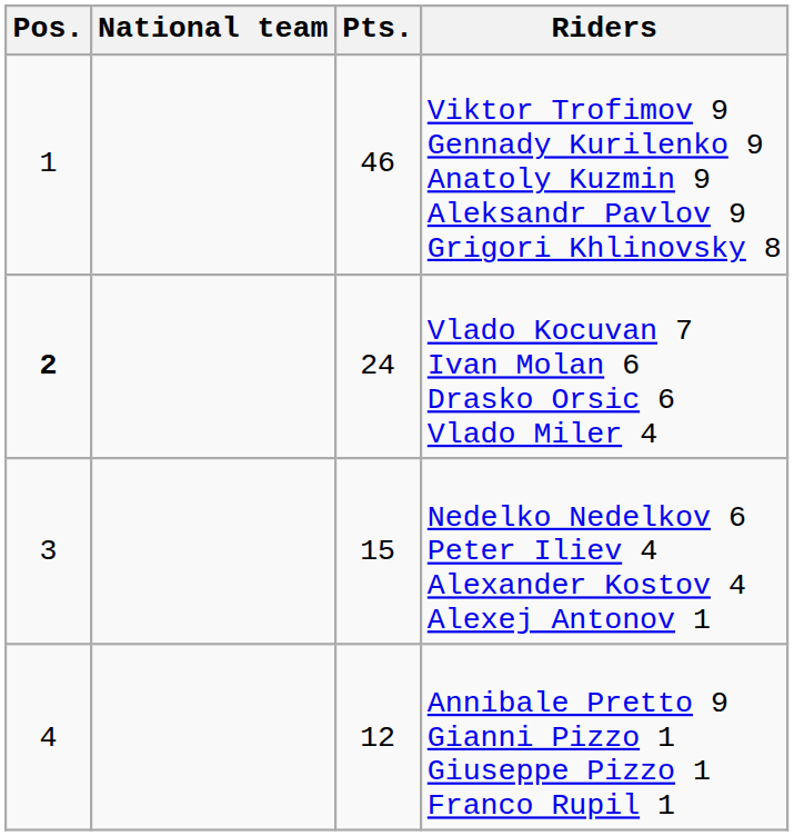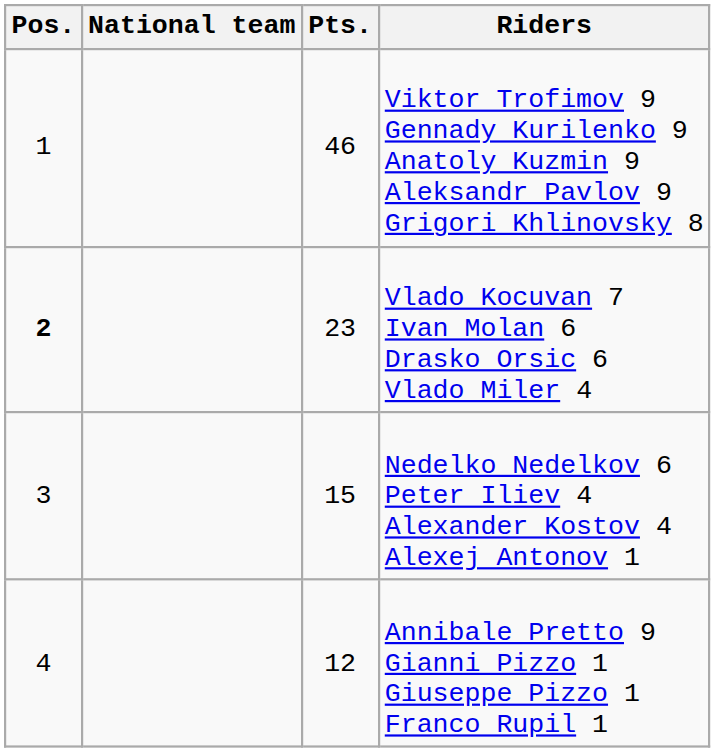 <table class=wikitable style="font-size:93%;">
 <tr>
 <th>Pos.</th>
 <th>National team</th>
 <th>Pts.</th>
 <th>Riders</th>
 </tr>
 <tr align=center >
 <td>1</td>
 <td align=left></td>
 <td>46</td>
 <td align=left><br><a href='#'>Viktor Trofimov</a> 9<br> <a href='#'>Gennady Kurilenko</a> 9<br> <a href='#'>Anatoly Kuzmin</a> 9<br> <a href='#'>Aleksandr Pavlov</a> 9<br> <a href='#'>Grigori Khlinovsky</a> 8</td>
 </tr>
 <tr align=center >
 <td><strong>2</strong></td>
 <td align=left></td>
-<td>24</td>
+<td>23</td>
 <td align=left><br><a href='#'>Vlado Kocuvan</a> 7<br> <a href='#'>Ivan Molan</a> 6<br> <a href='#'>Drasko Orsic</a> 6<br> <a href='#'>Vlado Miler</a> 4<br></td>
 </tr>
 <tr align=center>
 <td>3</td>
 <td align=left></td>
 <td>15</td>
 <td align=left><br><a href='#'>Nedelko Nedelkov</a> 6<br> <a href='#'>Peter Iliev</a> 4<br> <a href='#'>Alexander Kostov</a> 4<br> <a href='#'>Alexej Antonov</a> 1<br></td>
 </tr>
 <tr align=center>
 <td>4</td>
 <td align=left></td>
 <td>12</td>
 <td align=left><br><a href='#'>Annibale Pretto</a> 9<br> <a href='#'>Gianni Pizzo</a> 1<br> <a href='#'>Giuseppe Pizzo</a> 1<br> <a href='#'>Franco Rupil</a> 1</td>
 </tr>
 </table>
